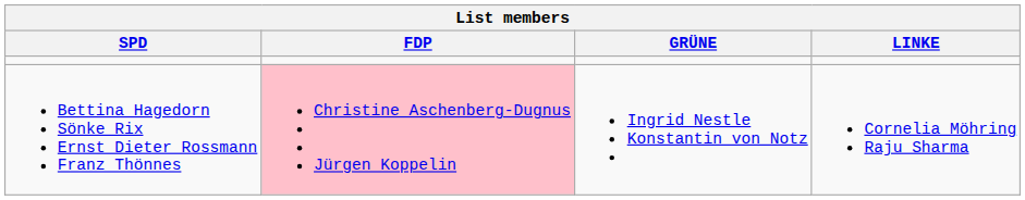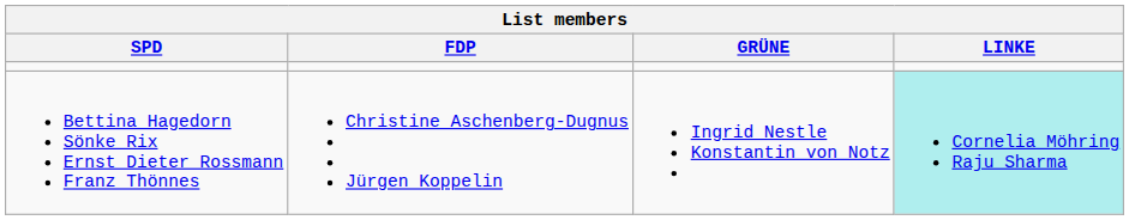 <table class=wikitable>
 <tr>
 <th colspan=4>List members</th>
 </tr>
 <tr>
 <th><a href='#'>SPD</a></th>
 <th><a href='#'>FDP</a></th>
 <th><a href='#'>GRÜNE</a></th>
 <th><a href='#'>LINKE</a></th>
 </tr>
 <tr>
 <td bgcolor=></td>
 <td bgcolor=></td>
 <td bgcolor=></td>
 <td bgcolor=></td>
 </tr>
 <tr>
 <td><br><ul><li><a href='#'>Bettina Hagedorn</a></li><li><a href='#'>Sönke Rix</a></li><li><a href='#'>Ernst Dieter Rossmann</a></li><li><a href='#'>Franz Thönnes</a></li></ul></td>
-<td style="background: pink;"><br><ul><li><a href='#'>Christine Aschenberg-Dugnus</a></li><li></li><li></li><li><a href='#'>Jürgen Koppelin</a></li></ul></td>
+<td><br><ul><li><a href='#'>Christine Aschenberg-Dugnus</a></li><li></li><li></li><li><a href='#'>Jürgen Koppelin</a></li></ul></td>
 <td><br><ul><li><a href='#'>Ingrid Nestle</a></li><li><a href='#'>Konstantin von Notz</a></li><li></li></ul></td>
-<td><br><ul><li><a href='#'>Cornelia Möhring</a></li><li><a href='#'>Raju Sharma</a></li></ul></td>
+<td style="background: paleturquoise;"><br><ul><li><a href='#'>Cornelia Möhring</a></li><li><a href='#'>Raju Sharma</a></li></ul></td>
 </tr>
 </table>
